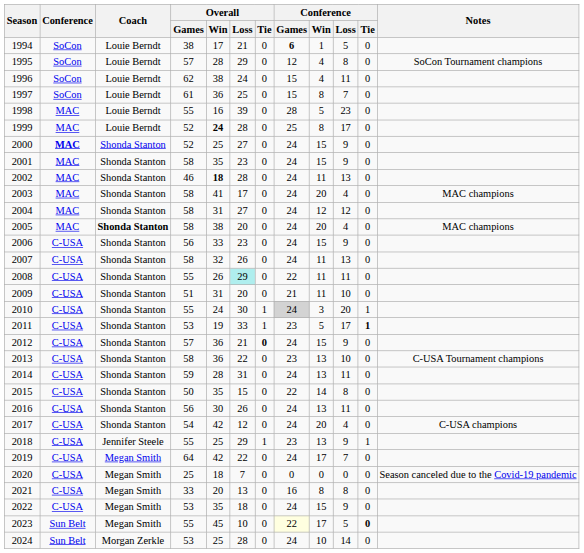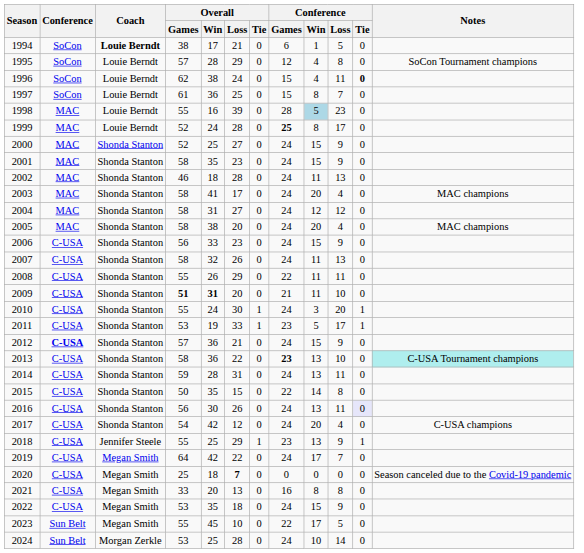 <table class="wikitable" style="text-align: center;">
 <tr>
 <th rowspan=2>Season</th>
 <th rowspan=2>Conference</th>
 <th rowspan=2>Coach</th>
 <th colspan="4">Overall</th>
 <th colspan="4">Conference</th>
 <th rowspan=2>Notes</th>
 </tr>
 <tr>
 <th>Games</th>
 <th>Win</th>
 <th>Loss</th>
 <th>Tie</th>
 <th>Games</th>
 <th>Win</th>
 <th>Loss</th>
 <th>Tie</th>
 </tr>
 <tr>
 <td>1994</td>
 <td><a href='#'>SoCon</a></td>
-<td>Louie Berndt</td>
+<td><strong>Louie Berndt</strong></td>
 <td>38</td>
 <td>17</td>
 <td>21</td>
 <td>0</td>
-<td><strong>6</strong></td>
+<td>6</td>
 <td>1</td>
 <td>5</td>
 <td>0</td>
 <td></td>
 </tr>
 <tr>
 <td>1995</td>
 <td><a href='#'>SoCon</a></td>
 <td>Louie Berndt</td>
 <td>57</td>
 <td>28</td>
 <td>29</td>
 <td>0</td>
 <td>12</td>
 <td>4</td>
 <td>8</td>
 <td>0</td>
 <td>SoCon Tournament champions</td>
 </tr>
 <tr>
 <td>1996</td>
 <td><a href='#'>SoCon</a></td>
 <td>Louie Berndt</td>
 <td>62</td>
 <td>38</td>
 <td>24</td>
 <td>0</td>
 <td>15</td>
 <td>4</td>
 <td>11</td>
-<td>0</td>
+<td><strong>0</strong></td>
 <td></td>
 </tr>
 <tr>
 <td>1997</td>
 <td><a href='#'>SoCon</a></td>
 <td>Louie Berndt</td>
 <td>61</td>
 <td>36</td>
 <td>25</td>
 <td>0</td>
 <td>15</td>
 <td>8</td>
 <td>7</td>
 <td>0</td>
 <td></td>
 </tr>
 <tr>
 <td>1998</td>
 <td><a href='#'>MAC</a></td>
 <td>Louie Berndt</td>
 <td>55</td>
 <td>16</td>
 <td>39</td>
 <td>0</td>
 <td>28</td>
-<td>5</td>
+<td style="background: lightblue;">5</td>
 <td>23</td>
 <td>0</td>
 <td></td>
 </tr>
 <tr>
 <td>1999</td>
 <td><a href='#'>MAC</a></td>
 <td>Louie Berndt</td>
 <td>52</td>
-<td><strong>24</strong></td>
+<td>24</td>
 <td>28</td>
 <td>0</td>
-<td>25</td>
+<td><strong>25</strong></td>
 <td>8</td>
 <td>17</td>
 <td>0</td>
 <td></td>
 </tr>
 <tr>
 <td>2000</td>
-<td><strong><a href='#'>MAC</a></strong></td>
+<td><a href='#'>MAC</a></td>
 <td><a href='#'>Shonda Stanton</a></td>
 <td>52</td>
 <td>25</td>
 <td>27</td>
 <td>0</td>
 <td>24</td>
 <td>15</td>
 <td>9</td>
 <td>0</td>
 <td></td>
 </tr>
 <tr>
 <td>2001</td>
 <td><a href='#'>MAC</a></td>
 <td>Shonda Stanton</td>
 <td>58</td>
 <td>35</td>
 <td>23</td>
 <td>0</td>
 <td>24</td>
 <td>15</td>
 <td>9</td>
 <td>0</td>
 <td></td>
 </tr>
 <tr>
 <td>2002</td>
 <td><a href='#'>MAC</a></td>
 <td>Shonda Stanton</td>
 <td>46</td>
-<td><strong>18</strong></td>
+<td>18</td>
 <td>28</td>
 <td>0</td>
 <td>24</td>
 <td>11</td>
 <td>13</td>
 <td>0</td>
 <td></td>
 </tr>
 <tr>
 <td>2003</td>
 <td><a href='#'>MAC</a></td>
 <td>Shonda Stanton</td>
 <td>58</td>
 <td>41</td>
 <td>17</td>
 <td>0</td>
 <td>24</td>
 <td>20</td>
 <td>4</td>
 <td>0</td>
 <td>MAC champions</td>
 </tr>
 <tr>
 <td>2004</td>
 <td><a href='#'>MAC</a></td>
 <td>Shonda Stanton</td>
 <td>58</td>
 <td>31</td>
 <td>27</td>
 <td>0</td>
 <td>24</td>
 <td>12</td>
 <td>12</td>
 <td>0</td>
 <td></td>
 </tr>
 <tr>
 <td>2005</td>
 <td><a href='#'>MAC</a></td>
-<td><strong>Shonda Stanton</strong></td>
+<td>Shonda Stanton</td>
 <td>58</td>
 <td>38</td>
 <td>20</td>
 <td>0</td>
 <td>24</td>
 <td>20</td>
 <td>4</td>
 <td>0</td>
 <td>MAC champions</td>
 </tr>
 <tr>
 <td>2006</td>
 <td><a href='#'>C-USA</a></td>
 <td>Shonda Stanton</td>
 <td>56</td>
 <td>33</td>
 <td>23</td>
 <td>0</td>
 <td>24</td>
 <td>15</td>
 <td>9</td>
 <td>0</td>
 <td></td>
 </tr>
 <tr>
 <td>2007</td>
 <td><a href='#'>C-USA</a></td>
 <td>Shonda Stanton</td>
 <td>58</td>
 <td>32</td>
 <td>26</td>
 <td>0</td>
 <td>24</td>
 <td>11</td>
 <td>13</td>
 <td>0</td>
 <td></td>
 </tr>
 <tr>
 <td>2008</td>
 <td><a href='#'>C-USA</a></td>
 <td>Shonda Stanton</td>
 <td>55</td>
 <td>26</td>
-<td style="background: paleturquoise;">29</td>
+<td>29</td>
 <td>0</td>
 <td>22</td>
 <td>11</td>
 <td>11</td>
 <td>0</td>
 <td></td>
 </tr>
 <tr>
 <td>2009</td>
 <td><a href='#'>C-USA</a></td>
 <td>Shonda Stanton</td>
-<td>51</td>
-<td>31</td>
+<td><strong>51</strong></td>
+<td><strong>31</strong></td>
 <td>20</td>
 <td>0</td>
 <td>21</td>
 <td>11</td>
 <td>10</td>
 <td>0</td>
 <td></td>
 </tr>
 <tr>
 <td>2010</td>
 <td><a href='#'>C-USA</a></td>
 <td>Shonda Stanton</td>
 <td>55</td>
 <td>24</td>
 <td>30</td>
 <td>1</td>
-<td style="background: lightgrey;">24</td>
+<td>24</td>
 <td>3</td>
 <td>20</td>
 <td>1</td>
 <td></td>
 </tr>
 <tr>
 <td>2011</td>
 <td><a href='#'>C-USA</a></td>
 <td>Shonda Stanton</td>
 <td>53</td>
 <td>19</td>
 <td>33</td>
 <td>1</td>
 <td>23</td>
 <td>5</td>
 <td>17</td>
-<td><strong>1</strong></td>
+<td>1</td>
 <td></td>
 </tr>
 <tr>
 <td>2012</td>
-<td><a href='#'>C-USA</a></td>
+<td><strong><a href='#'>C-USA</a></strong></td>
 <td>Shonda Stanton</td>
 <td>57</td>
 <td>36</td>
 <td>21</td>
-<td><strong>0</strong></td>
+<td>0</td>
 <td>24</td>
 <td>15</td>
 <td>9</td>
 <td>0</td>
 <td></td>
 </tr>
 <tr>
 <td>2013</td>
 <td><a href='#'>C-USA</a></td>
 <td>Shonda Stanton</td>
 <td>58</td>
 <td>36</td>
 <td>22</td>
 <td>0</td>
-<td>23</td>
+<td><strong>23</strong></td>
 <td>13</td>
 <td>10</td>
 <td>0</td>
-<td>C-USA Tournament champions</td>
+<td style="background: paleturquoise;">C-USA Tournament champions</td>
 </tr>
 <tr>
 <td>2014</td>
 <td><a href='#'>C-USA</a></td>
 <td>Shonda Stanton</td>
 <td>59</td>
 <td>28</td>
 <td>31</td>
 <td>0</td>
 <td>24</td>
 <td>13</td>
 <td>11</td>
 <td>0</td>
 <td></td>
 </tr>
 <tr>
 <td>2015</td>
 <td><a href='#'>C-USA</a></td>
 <td>Shonda Stanton</td>
 <td>50</td>
 <td>35</td>
 <td>15</td>
 <td>0</td>
 <td>22</td>
 <td>14</td>
 <td>8</td>
 <td>0</td>
 <td></td>
 </tr>
 <tr>
 <td>2016</td>
 <td><a href='#'>C-USA</a></td>
 <td>Shonda Stanton</td>
 <td>56</td>
 <td>30</td>
 <td>26</td>
 <td>0</td>
 <td>24</td>
 <td>13</td>
 <td>11</td>
-<td>0</td>
+<td style="background: lavender;">0</td>
 <td></td>
 </tr>
 <tr>
 <td>2017</td>
 <td><a href='#'>C-USA</a></td>
 <td>Shonda Stanton</td>
 <td>54</td>
 <td>42</td>
 <td>12</td>
 <td>0</td>
 <td>24</td>
 <td>20</td>
 <td>4</td>
 <td>0</td>
 <td>C-USA champions</td>
 </tr>
 <tr>
 <td>2018</td>
 <td><a href='#'>C-USA</a></td>
 <td>Jennifer Steele</td>
 <td>55</td>
 <td>25</td>
 <td>29</td>
 <td>1</td>
 <td>23</td>
 <td>13</td>
 <td>9</td>
 <td>1</td>
 <td></td>
 </tr>
 <tr>
 <td>2019</td>
 <td><a href='#'>C-USA</a></td>
 <td><a href='#'>Megan Smith</a></td>
 <td>64</td>
 <td>42</td>
 <td>22</td>
 <td>0</td>
 <td>24</td>
 <td>17</td>
 <td>7</td>
 <td>0</td>
 <td></td>
 </tr>
 <tr>
 <td>2020</td>
 <td><a href='#'>C-USA</a></td>
 <td>Megan Smith</td>
 <td>25</td>
 <td>18</td>
-<td>7</td>
+<td><strong>7</strong></td>
 <td>0</td>
 <td>0</td>
 <td>0</td>
 <td>0</td>
 <td>0</td>
 <td>Season canceled due to the <a href='#'>Covid-19 pandemic</a></td>
 </tr>
 <tr>
 <td>2021</td>
 <td><a href='#'>C-USA</a></td>
 <td>Megan Smith</td>
 <td>33</td>
 <td>20</td>
 <td>13</td>
 <td>0</td>
 <td>16</td>
 <td>8</td>
 <td>8</td>
 <td>0</td>
 <td></td>
 </tr>
 <tr>
 <td>2022</td>
 <td><a href='#'>C-USA</a></td>
 <td>Megan Smith</td>
 <td>53</td>
 <td>35</td>
 <td>18</td>
 <td>0</td>
 <td>24</td>
 <td>15</td>
 <td>9</td>
 <td>0</td>
 <td></td>
 </tr>
 <tr>
 <td>2023</td>
 <td><a href='#'>Sun Belt</a></td>
 <td>Megan Smith</td>
 <td>55</td>
 <td>45</td>
 <td>10</td>
 <td>0</td>
-<td style="background: lightyellow;">22</td>
+<td>22</td>
 <td>17</td>
 <td>5</td>
-<td><strong>0</strong></td>
+<td>0</td>
 <td></td>
 </tr>
 <tr>
 <td>2024</td>
 <td><a href='#'>Sun Belt</a></td>
 <td>Morgan Zerkle</td>
 <td>53</td>
 <td>25</td>
 <td>28</td>
 <td>0</td>
 <td>24</td>
 <td>10</td>
 <td>14</td>
 <td>0</td>
 <td></td>
 </tr>
 </table>
